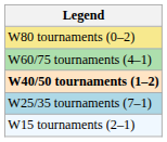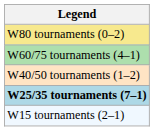 <table class=wikitable style="font-size:85%">
 <tr>
 <th>Legend</th>
 </tr>
 <tr style="background:#f7e98e;">
 <td>W80 tournaments (0–2)</td>
 </tr>
 <tr style="background:#addfad;">
 <td>W60/75 tournaments (4–1)</td>
 </tr>
 <tr style="background:#ffe4c4;">
-<td><strong>W40/50 tournaments (1–2)</strong></td>
+<td>W40/50 tournaments (1–2)</td>
 </tr>
 <tr style="background:lightblue;">
-<td>W25/35 tournaments (7–1)</td>
+<td><strong>W25/35 tournaments (7–1)</strong></td>
 </tr>
 <tr style="background:#f0f8ff;">
 <td>W15 tournaments (2–1)</td>
 </tr>
 </table>
